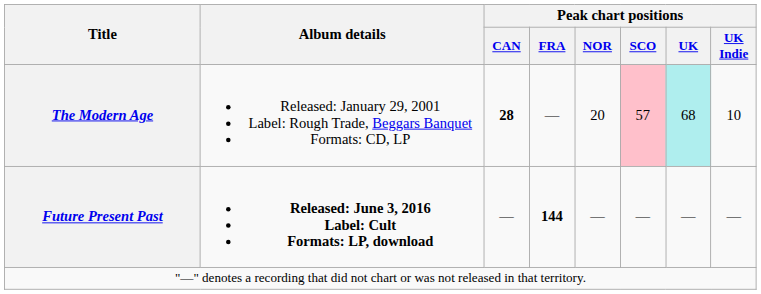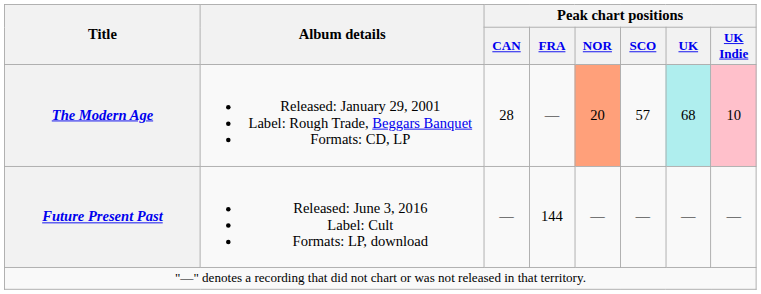 <table class="wikitable plainrowheaders" style="text-align:center;">
 <tr>
 <th scope="col" rowspan="2" style="width:13em;">Title</th>
 <th scope="col" rowspan="2" style="width:19em;">Album details</th>
 <th colspan="6">Peak chart positions</th>
 </tr>
 <tr>
 <th scope="col" style="width:3em;font-size:90%;"><a href='#'>CAN</a><br></th>
 <th scope="col" style="width:3em; font-size:90%;"><a href='#'>FRA</a><br></th>
 <th scope="col" style="width:3em; font-size:90%;"><a href='#'>NOR</a><br></th>
 <th scope="col" style="width:3em;font-size:90%;"><a href='#'>SCO</a><br></th>
 <th scope="col" style="width:3em;font-size:90%;"><a href='#'>UK</a><br></th>
 <th scope="col" style="width:3em;font-size:90%;"><a href='#'>UK<br>Indie</a><br></th>
 </tr>
 <tr>
 <th scope="row"><em><a href='#'>The Modern Age</a></em></th>
 <td><br><ul><li>Released: January 29, 2001</li><li>Label: Rough Trade, <a href='#'>Beggars Banquet</a></li><li>Formats: CD, LP</li></ul></td>
-<td><strong>28</strong></td>
+<td>28</td>
 <td>—</td>
-<td>20</td>
-<td style="background: pink;">57</td>
+<td style="background: lightsalmon;">20</td>
+<td>57</td>
 <td style="background: paleturquoise;">68</td>
-<td>10</td>
+<td style="background: pink;">10</td>
 </tr>
 <tr>
 <th scope="row"><em><a href='#'>Future Present Past</a></em></th>
-<td><strong><br><ul><li>Released: June 3, 2016</li><li>Label: Cult</li><li>Formats: LP, download</li></ul></strong></td>
+<td><br><ul><li>Released: June 3, 2016</li><li>Label: Cult</li><li>Formats: LP, download</li></ul></td>
 <td>—</td>
-<td><strong>144</strong></td>
+<td>144</td>
 <td>—</td>
 <td>—</td>
 <td>—</td>
 <td>—</td>
 </tr>
 <tr>
 <td colspan="16" style="font-size:90%">"—" denotes a recording that did not chart or was not released in that territory.</td>
 </tr>
 </table>
